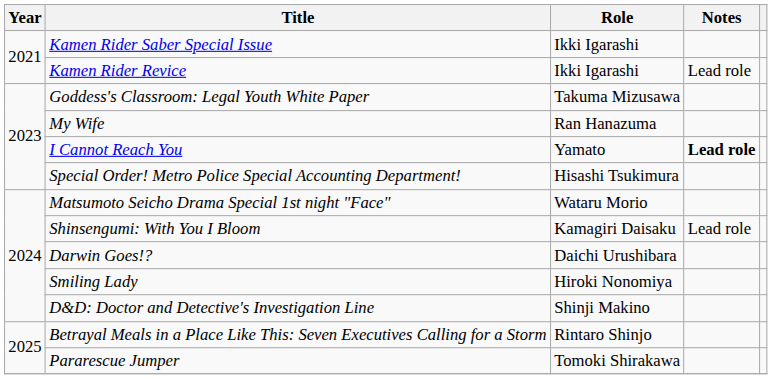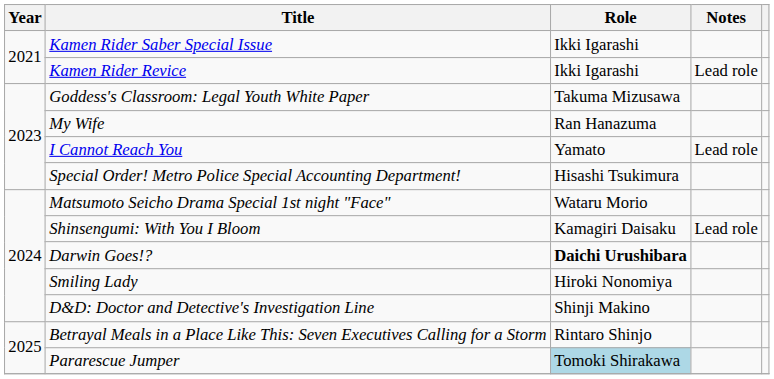 <table class="wikitable sortable">
 <tr>
 <th>Year</th>
 <th>Title</th>
 <th>Role</th>
 <th class="unsortable">Notes</th>
 <th class="unsortable"></th>
 </tr>
 <tr>
 <td rowspan="2">2021<br></td>
 <td><em><a href='#'>Kamen Rider Saber Special Issue</a></em></td>
 <td>Ikki Igarashi</td>
 <td></td>
 <td></td>
 </tr>
 <tr>
 <td><em><a href='#'>Kamen Rider Revice</a></em></td>
 <td>Ikki Igarashi</td>
 <td>Lead role</td>
 <td></td>
 </tr>
 <tr>
 <td rowspan="4">2023</td>
 <td><em>Goddess's Classroom: Legal Youth White Paper</em></td>
 <td>Takuma Mizusawa</td>
 <td></td>
 <td></td>
 </tr>
 <tr>
 <td><em>My Wife</em></td>
 <td>Ran Hanazuma</td>
 <td></td>
 <td></td>
 </tr>
 <tr>
 <td><em><a href='#'>I Cannot Reach You</a></em></td>
 <td>Yamato</td>
-<td><strong>Lead role</strong></td>
+<td>Lead role</td>
 <td></td>
 </tr>
 <tr>
 <td><em>Special Order! Metro Police Special Accounting Department!</em></td>
 <td>Hisashi Tsukimura</td>
 <td></td>
 <td></td>
 </tr>
 <tr>
 <td rowspan="5">2024</td>
 <td><em>Matsumoto Seicho Drama Special 1st night "Face"</em></td>
 <td>Wataru Morio</td>
 <td></td>
 <td></td>
 </tr>
 <tr>
 <td><em>Shinsengumi: With You I Bloom</em></td>
 <td>Kamagiri Daisaku</td>
 <td>Lead role</td>
 <td></td>
 </tr>
 <tr>
 <td><em>Darwin Goes!?</em></td>
-<td>Daichi Urushibara</td>
+<td><strong>Daichi Urushibara</strong></td>
 <td></td>
 <td></td>
 </tr>
 <tr>
 <td><em>Smiling Lady</em></td>
 <td>Hiroki Nonomiya</td>
 <td></td>
 <td></td>
 </tr>
 <tr>
 <td><em>D&D: Doctor and Detective's Investigation Line</em></td>
 <td>Shinji Makino</td>
 <td></td>
 <td></td>
 </tr>
 <tr>
 <td rowspan="2">2025</td>
 <td><em>Betrayal Meals in a Place Like This: Seven Executives Calling for a Storm</em></td>
 <td>Rintaro Shinjo</td>
 <td></td>
 <td></td>
 </tr>
 <tr>
 <td><em>Pararescue Jumper</em></td>
-<td>Tomoki Shirakawa</td>
+<td style="background: lightblue;">Tomoki Shirakawa</td>
 <td></td>
 <td></td>
 </tr>
 <tr>
 </tr>
 </table>
